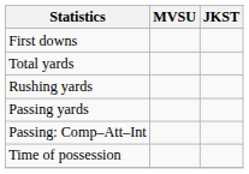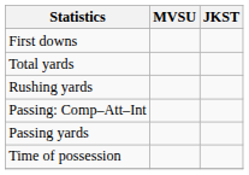 <table class="wikitable" style="float: left;">
 <tr>
 <th>Statistics</th>
 <th>MVSU</th>
 <th>JKST</th>
 </tr>
 <tr>
 <td>First downs</td>
 <td></td>
 <td></td>
 </tr>
 <tr>
 <td>Total yards</td>
 <td></td>
 <td></td>
 </tr>
 <tr>
 <td>Rushing yards</td>
 <td></td>
 <td></td>
 </tr>
 <tr>
-<td>Passing yards</td>
+<td>Passing: Comp–Att–Int</td>
 <td></td>
 <td></td>
 </tr>
 <tr>
-<td>Passing: Comp–Att–Int</td>
+<td>Passing yards</td>
 <td></td>
 <td></td>
 </tr>
 <tr>
 <td>Time of possession</td>
 <td></td>
 <td></td>
 </tr>
 <tr>
 </tr>
 </table>
